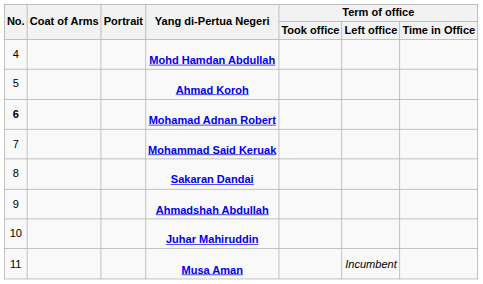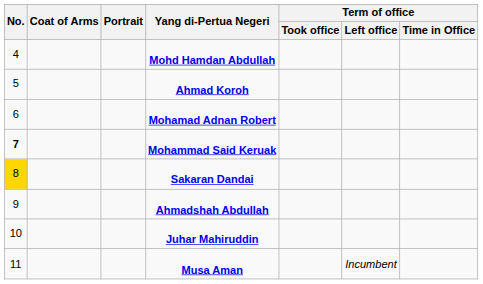 <table class="wikitable" style="text-align:center">
 <tr style="background:#cccccc">
 <th rowspan="2">No.</th>
 <th rowspan="2">Coat of Arms</th>
 <th rowspan="2">Portrait</th>
 <th rowspan="2">Yang di-Pertua Negeri<br></th>
 <th colspan="3">Term of office</th>
 </tr>
 <tr>
 <th>Took office</th>
 <th>Left office</th>
 <th>Time in Office</th>
 </tr>
 <tr>
 <td>4</td>
 <td></td>
 <td></td>
 <td><br><strong><a href='#'>Mohd Hamdan Abdullah</a></strong><br></td>
 <td></td>
 <td></td>
 <td></td>
 </tr>
 <tr>
 <td>5</td>
 <td></td>
 <td></td>
 <td><br><strong><a href='#'>Ahmad Koroh</a></strong><br></td>
 <td></td>
 <td></td>
 <td></td>
 </tr>
 <tr>
-<td><strong>6</strong></td>
+<td>6</td>
 <td></td>
 <td></td>
 <td><br><strong><a href='#'>Mohamad Adnan Robert</a></strong><br></td>
 <td></td>
 <td></td>
 <td></td>
 </tr>
 <tr>
-<td>7</td>
+<td><strong>7</strong></td>
 <td></td>
 <td></td>
 <td><br><strong><a href='#'>Mohammad Said Keruak</a></strong><br></td>
 <td></td>
 <td></td>
 <td></td>
 </tr>
 <tr>
-<td>8</td>
+<td style="background: gold;">8</td>
 <td></td>
 <td></td>
 <td><br><strong><a href='#'>Sakaran Dandai</a></strong><br></td>
 <td></td>
 <td></td>
 <td></td>
 </tr>
 <tr>
 <td>9</td>
 <td></td>
 <td></td>
 <td><br><strong><a href='#'>Ahmadshah Abdullah</a></strong><br></td>
 <td></td>
 <td></td>
 <td></td>
 </tr>
 <tr>
 <td>10</td>
 <td></td>
 <td></td>
 <td><br><strong><a href='#'>Juhar Mahiruddin</a></strong><br></td>
 <td></td>
 <td></td>
 <td></td>
 </tr>
 <tr>
 <td>11</td>
 <td></td>
 <td></td>
 <td><br><strong><a href='#'>Musa Aman</a></strong><br></td>
 <td></td>
 <td><em>Incumbent</em></td>
 <td></td>
 </tr>
 </table>
